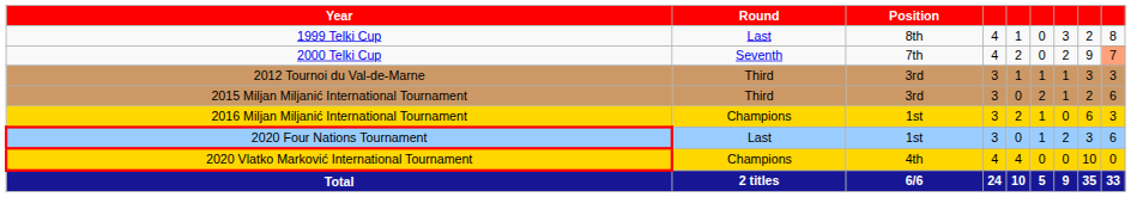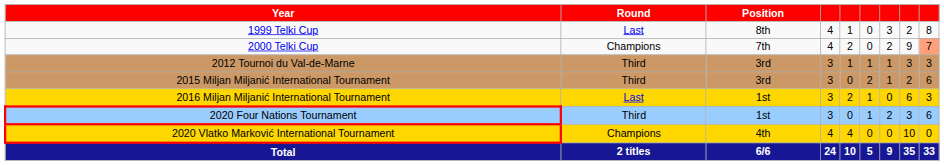 <table class="wikitable" style="font-size:90%; text-align:center;" width="100%" class="wikitable">
 <tr>
 <th style="background:#ff0000; color:white; ">Year</th>
 <th style="background:#ff0000; color:white; ">Round</th>
 <th style="background:#ff0000; color:white; ">Position</th>
 <th width="20" style="background:#ff0000; color:white; "></th>
 <th width="20" style="background:#ff0000; color:white; "></th>
 <th width="20" style="background:#ff0000; color:white; "></th>
 <th width="20" style="background:#ff0000; color:white; "></th>
 <th width="20" style="background:#ff0000; color:white; "></th>
 <th width="20" style="background:#ff0000; color:white; "></th>
 </tr>
 <tr>
 <td> <a href='#'>1999 Telki Cup</a></td>
 <td><a href='#'>Last</a></td>
 <td>8th</td>
 <td>4</td>
 <td>1</td>
 <td>0</td>
 <td>3</td>
 <td>2</td>
 <td>8</td>
 </tr>
 <tr>
 <td> <a href='#'>2000 Telki Cup</a></td>
-<td><a href='#'>Seventh</a></td>
+<td>Champions</td>
 <td>7th</td>
 <td>4</td>
 <td>2</td>
 <td>0</td>
 <td>2</td>
 <td>9</td>
 <td style="background: lightsalmon;">7</td>
 </tr>
 <tr bgcolor=#cc9966>
 <td> 2012 Tournoi du Val-de-Marne</td>
 <td>Third</td>
 <td>3rd</td>
 <td>3</td>
 <td>1</td>
 <td>1</td>
 <td>1</td>
 <td>3</td>
 <td>3</td>
 </tr>
 <tr bgcolor=#cc9966>
 <td> 2015 Miljan Miljanić International Tournament</td>
 <td>Third</td>
 <td>3rd</td>
 <td>3</td>
 <td>0</td>
 <td>2</td>
 <td>1</td>
 <td>2</td>
 <td>6</td>
 </tr>
 <tr bgcolor=gold>
 <td> 2016 Miljan Miljanić International Tournament</td>
-<td>Champions</td>
+<td><a href='#'>Last</a></td>
 <td>1st</td>
 <td>3</td>
 <td>2</td>
 <td>1</td>
 <td>0</td>
 <td>6</td>
 <td>3</td>
 </tr>
 <tr bgcolor=#9acdff>
 <td style="border: 3px solid red"> 2020 Four Nations Tournament</td>
-<td>Last</td>
+<td>Third</td>
 <td>1st</td>
 <td>3</td>
 <td>0</td>
 <td>1</td>
 <td>2</td>
 <td>3</td>
 <td>6</td>
 </tr>
 <tr bgcolor=gold>
 <td style="border: 3px solid red"> 2020 Vlatko Marković International Tournament</td>
 <td>Champions</td>
 <td>4th</td>
 <td>4</td>
 <td>4</td>
 <td>0</td>
 <td>0</td>
 <td>10</td>
 <td>0</td>
 </tr>
 <tr>
 <th style="background:#171796; color:white; ">Total</th>
 <th style="background:#171796; color:white; ">2 titles</th>
 <th style="background:#171796; color:white; ">6/6</th>
 <th style="background:#171796; color:white; ">24</th>
 <th style="background:#171796; color:white; ">10</th>
 <th style="background:#171796; color:white; ">5</th>
 <th style="background:#171796; color:white; ">9</th>
 <th style="background:#171796; color:white; ">35</th>
 <th style="background:#171796; color:white; ">33</th>
 </tr>
 </table>
